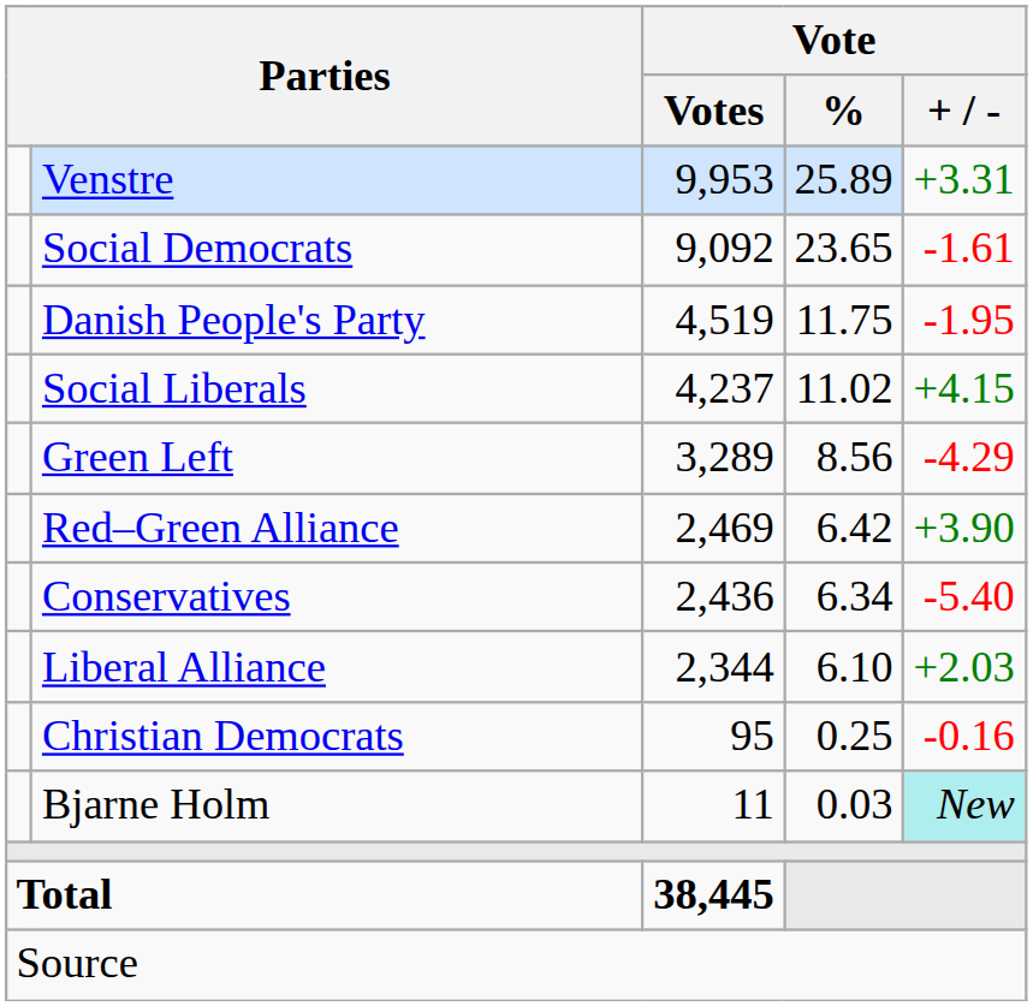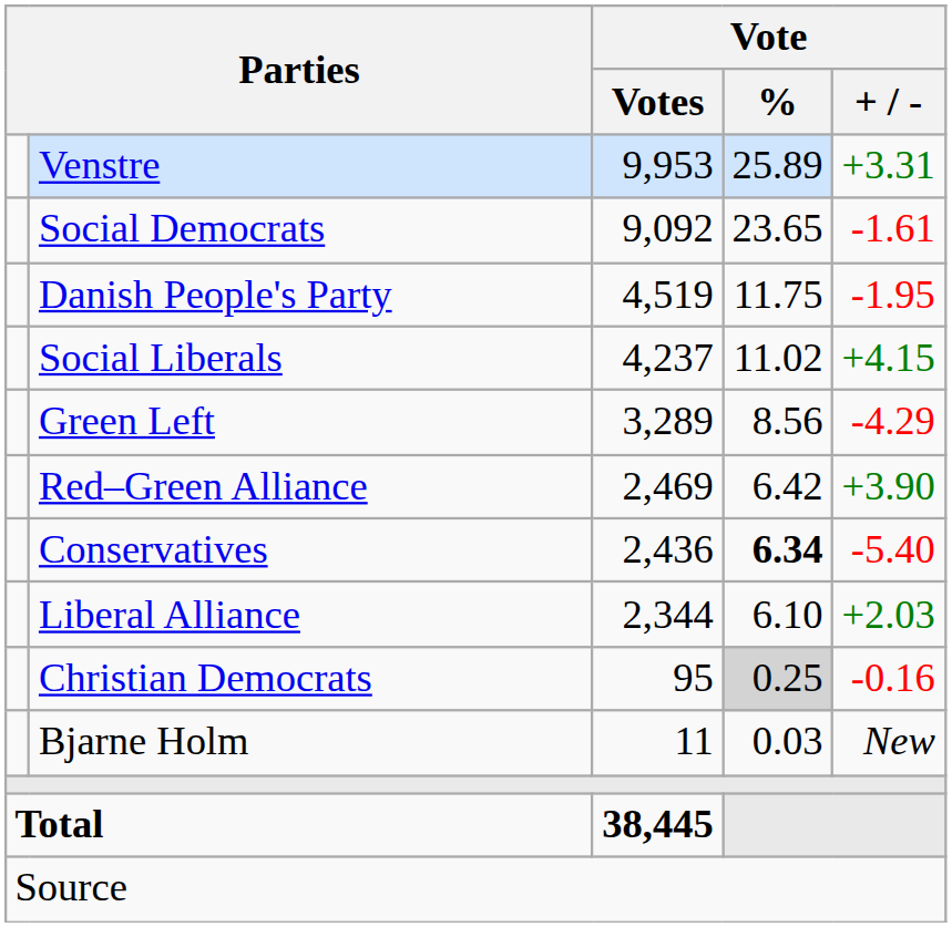 <table class="wikitable" style="text-align:right;">
 <tr>
 <th style="text-align:centre;" rowspan="2" colspan="2" width="225">Parties</th>
 <th colspan="3">Vote</th>
 </tr>
 <tr>
 <th width="15">Votes</th>
 <th width="15">%</th>
 <th width="15">+ / -</th>
 </tr>
 <tr>
 <td width="2" style="color:inherit;background:"></td>
 <td bgcolor=#cfe5fe  align="left"><a href='#'>Venstre</a></td>
 <td bgcolor=#cfe5fe>9,953</td>
 <td bgcolor=#cfe5fe>25.89</td>
 <td style=color:green;>+3.31</td>
 </tr>
 <tr>
 <td width="2" style="color:inherit;background:"></td>
 <td align="left"><a href='#'>Social Democrats</a></td>
 <td>9,092</td>
 <td>23.65</td>
 <td style=color:red;>-1.61</td>
 </tr>
 <tr>
 <td width="2" style="color:inherit;background:"></td>
 <td align="left"><a href='#'>Danish People's Party</a></td>
 <td>4,519</td>
 <td>11.75</td>
 <td style=color:red;>-1.95</td>
 </tr>
 <tr>
 <td width="2" style="color:inherit;background:"></td>
 <td align="left"><a href='#'>Social Liberals</a></td>
 <td>4,237</td>
 <td>11.02</td>
 <td style=color:green;>+4.15</td>
 </tr>
 <tr>
 <td width="2" style="color:inherit;background:"></td>
 <td align="left"><a href='#'>Green Left</a></td>
 <td>3,289</td>
 <td>8.56</td>
 <td style=color:red;>-4.29</td>
 </tr>
 <tr>
 <td width="2" style="color:inherit;background:"></td>
 <td align="left"><a href='#'>Red–Green Alliance</a></td>
 <td>2,469</td>
 <td>6.42</td>
 <td style=color:green;>+3.90</td>
 </tr>
 <tr>
 <td width="2" style="color:inherit;background:"></td>
 <td align="left"><a href='#'>Conservatives</a></td>
 <td>2,436</td>
-<td>6.34</td>
+<td><strong>6.34</strong></td>
 <td style=color:red;>-5.40</td>
 </tr>
 <tr>
 <td width="2" style="color:inherit;background:"></td>
 <td align="left"><a href='#'>Liberal Alliance</a></td>
 <td>2,344</td>
 <td>6.10</td>
 <td style=color:green;>+2.03</td>
 </tr>
 <tr>
 <td width="2" style="color:inherit;background:"></td>
 <td align="left"><a href='#'>Christian Democrats</a></td>
 <td>95</td>
-<td>0.25</td>
+<td style="background: lightgrey;">0.25</td>
 <td style=color:red;>-0.16</td>
 </tr>
 <tr>
 <td width="2" style="color:inherit;background:"></td>
 <td align="left">Bjarne Holm</td>
 <td>11</td>
 <td>0.03</td>
-<td style="background: paleturquoise;"><em>New</em></td>
+<td><em>New</em></td>
 </tr>
 <tr>
 <td colspan="7" bgcolor="#E9E9E9"></td>
 </tr>
 <tr>
 <td align="left" colspan="2"><strong>Total</strong></td>
 <td><strong>38,445</strong></td>
 <td bgcolor="#E9E9E9" colspan="2"></td>
 </tr>
 <tr>
 <td align="left" colspan="6">Source</td>
 </tr>
 </table>
